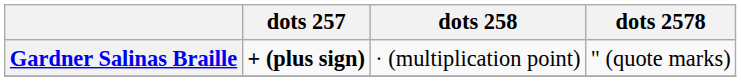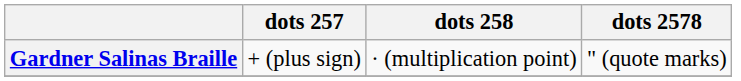 <table class="wikitable">
 <tr>
 <th></th>
 <th>dots 257</th>
 <th>dots 258</th>
 <th>dots 2578</th>
 </tr>
 <tr>
 <th align=left><a href='#'>Gardner Salinas Braille</a></th>
-<td><strong>+ (plus sign)</strong></td>
+<td>+ (plus sign)</td>
 <td>· (multiplication point)</td>
 <td>" (quote marks)</td>
 </tr>
 <tr>
 </tr>
 <tr>
 </tr>
 </table>
